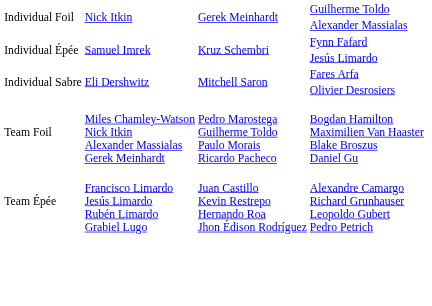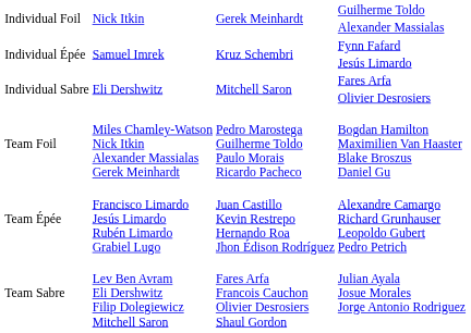 <table>
 <tr>
 <td rowspan=2>Individual Foil</td>
 <td rowspan=2> <a href='#'>Nick Itkin</a></td>
 <td rowspan=2> <a href='#'>Gerek Meinhardt</a></td>
 <td> <a href='#'>Guilherme Toldo</a></td>
 </tr>
 <tr>
 <td> <a href='#'>Alexander Massialas</a></td>
 </tr>
 <tr>
 <td rowspan=2>Individual Épée</td>
 <td rowspan=2> <a href='#'>Samuel Imrek</a></td>
 <td rowspan=2> <a href='#'>Kruz Schembri</a></td>
 <td> <a href='#'>Fynn Fafard</a></td>
 </tr>
 <tr>
 <td> <a href='#'>Jesús Limardo</a></td>
 </tr>
 <tr>
 <td rowspan=2>Individual Sabre</td>
 <td rowspan=2> <a href='#'>Eli Dershwitz</a></td>
 <td rowspan=2> <a href='#'>Mitchell Saron</a></td>
 <td> <a href='#'>Fares Arfa</a></td>
 </tr>
 <tr>
 <td> <a href='#'>Olivier Desrosiers</a></td>
 </tr>
 <tr>
 <td>Team Foil</td>
 <td valign=top><br><a href='#'>Miles Chamley-Watson</a><br><a href='#'>Nick Itkin</a><br><a href='#'>Alexander Massialas</a><br><a href='#'>Gerek Meinhardt</a></td>
 <td valign=top><br><a href='#'>Pedro Marostega</a><br><a href='#'>Guilherme Toldo</a><br><a href='#'>Paulo Morais</a><br><a href='#'>Ricardo Pacheco</a></td>
 <td valign=top><br><a href='#'>Bogdan Hamilton</a><br><a href='#'>Maximilien Van Haaster</a><br><a href='#'>Blake Broszus</a><br><a href='#'>Daniel Gu</a></td>
 </tr>
 <tr>
 <td>Team Épée</td>
 <td valign=top><br><a href='#'>Francisco Limardo</a><br><a href='#'>Jesús Limardo</a><br><a href='#'>Rubén Limardo</a><br><a href='#'>Grabiel Lugo</a></td>
 <td valign=top><br><a href='#'>Juan Castillo</a><br><a href='#'>Kevin Restrepo</a><br><a href='#'>Hernando Roa</a><br><a href='#'>Jhon Édison Rodríguez</a></td>
 <td valign=top><br><a href='#'>Alexandre Camargo</a><br><a href='#'>Richard Grunhauser</a><br><a href='#'>Leopoldo Gubert</a><br><a href='#'>Pedro Petrich</a></td>
 </tr>
+<tr>
+<td>Team Sabre</td>
+<td valign=top><br><a href='#'>Lev Ben Avram</a><br><a href='#'>Eli Dershwitz</a><br><a href='#'>Filip Dolegiewicz</a><br><a href='#'>Mitchell Saron</a></td>
+<td valign=top><br><a href='#'>Fares Arfa</a><br><a href='#'>Francois Cauchon</a><br><a href='#'>Olivier Desrosiers</a> <br><a href='#'>Shaul Gordon</a></td>
+<td valign=top><br><a href='#'>Julian Ayala</a> <br><a href='#'>Josue Morales</a><br><a href='#'>Jorge Antonio Rodriguez</a></td>
+</tr>
 </table>
